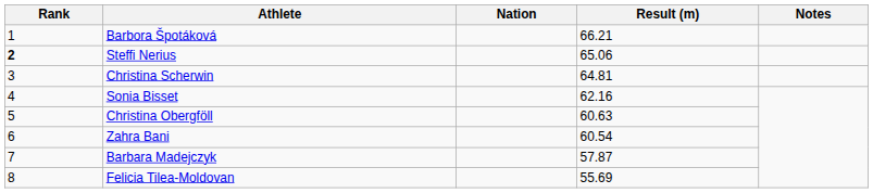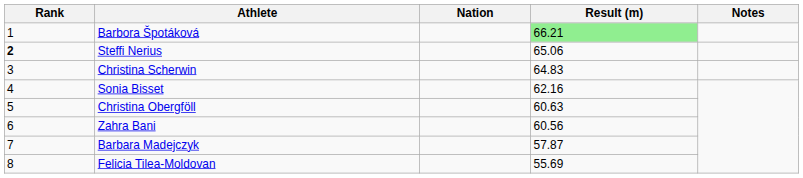 <table class="wikitable" style="text=align:center;" width=85%>
 <tr>
 <th>Rank</th>
 <th>Athlete</th>
 <th>Nation</th>
 <th>Result (m)</th>
 <th>Notes</th>
 </tr>
 <tr>
 <td>1</td>
 <td><a href='#'>Barbora Špotáková</a></td>
 <td></td>
-<td>66.21</td>
+<td style="background: lightgreen;">66.21</td>
 <td></td>
 </tr>
 <tr>
 <td><strong>2</strong></td>
 <td><a href='#'>Steffi Nerius</a></td>
 <td></td>
 <td>65.06</td>
 </tr>
 <tr>
 <td>3</td>
 <td><a href='#'>Christina Scherwin</a></td>
 <td></td>
-<td>64.81</td>
+<td>64.83</td>
 <td></td>
 </tr>
 <tr>
 <td>4</td>
 <td><a href='#'>Sonia Bisset</a></td>
 <td></td>
 <td>62.16</td>
 </tr>
 <tr>
 <td>5</td>
 <td><a href='#'>Christina Obergföll</a></td>
 <td></td>
 <td>60.63</td>
 </tr>
 <tr>
 <td>6</td>
 <td><a href='#'>Zahra Bani</a></td>
 <td></td>
-<td>60.54</td>
+<td>60.56</td>
 </tr>
 <tr>
 <td>7</td>
 <td><a href='#'>Barbara Madejczyk</a></td>
 <td></td>
 <td>57.87</td>
 </tr>
 <tr>
 <td>8</td>
 <td><a href='#'>Felicia Tilea-Moldovan</a></td>
 <td></td>
 <td>55.69</td>
 </tr>
 </table>
